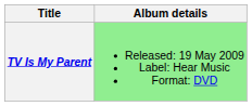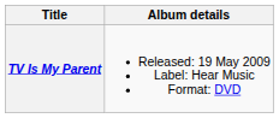 <table class="wikitable plainrowheaders" style="text-align:center;">
 <tr>
 <th scope="col">Title</th>
 <th scope="col">Album details</th>
 </tr>
 <tr>
 <th scope="row"><em><a href='#'>TV Is My Parent</a></em></th>
-<td style="background: lightgreen;"><br><ul><li>Released: 19 May 2009</li><li>Label: Hear Music</li><li>Format: <a href='#'>DVD</a></li></ul></td>
+<td><br><ul><li>Released: 19 May 2009</li><li>Label: Hear Music</li><li>Format: <a href='#'>DVD</a></li></ul></td>
 </tr>
 </table>
